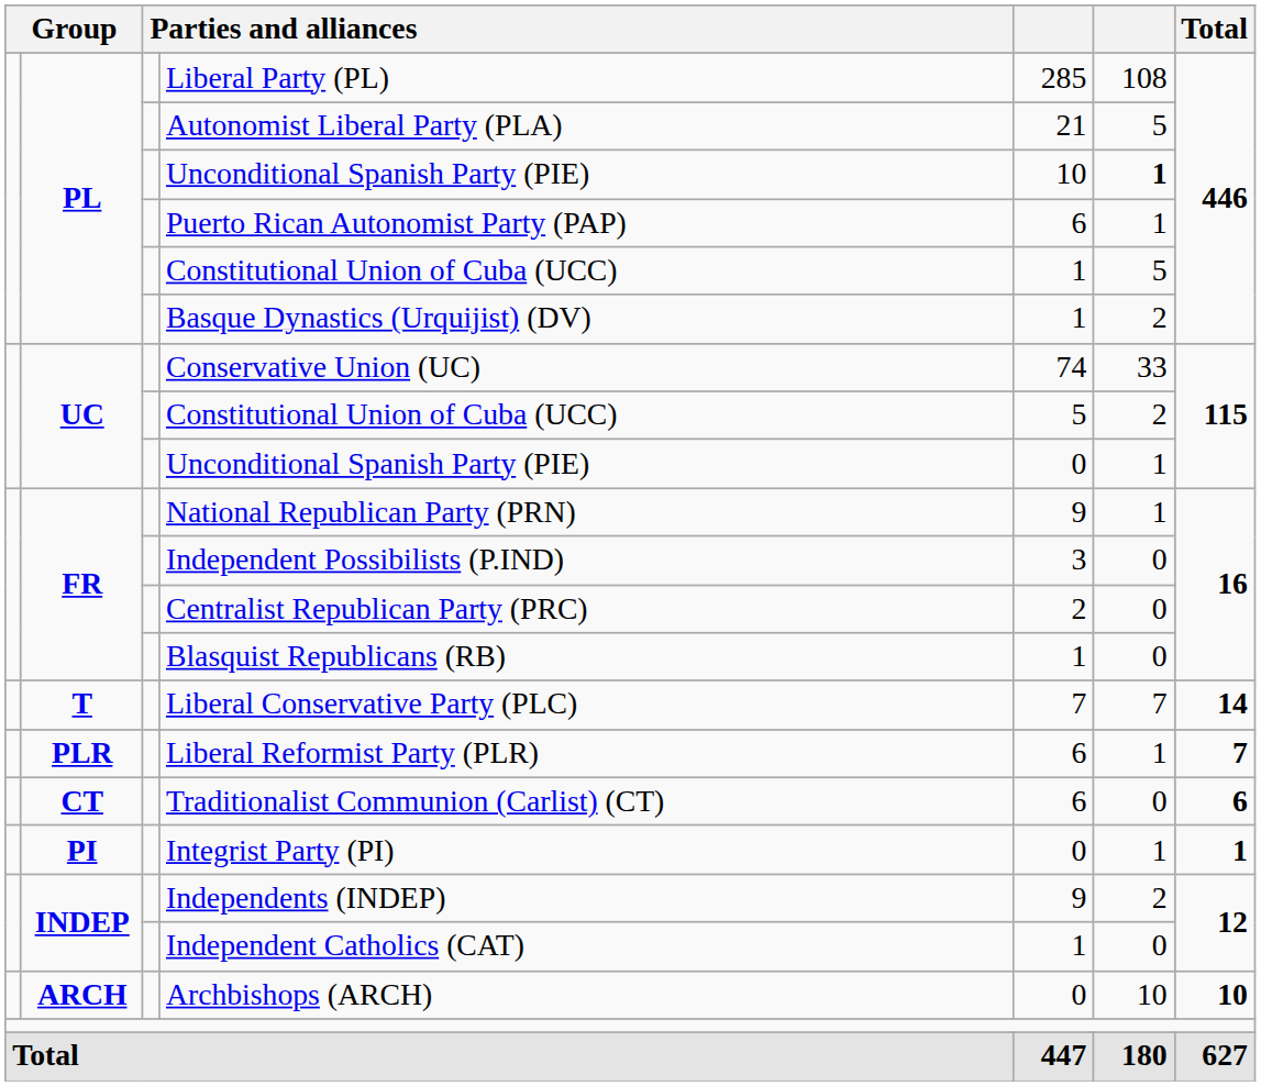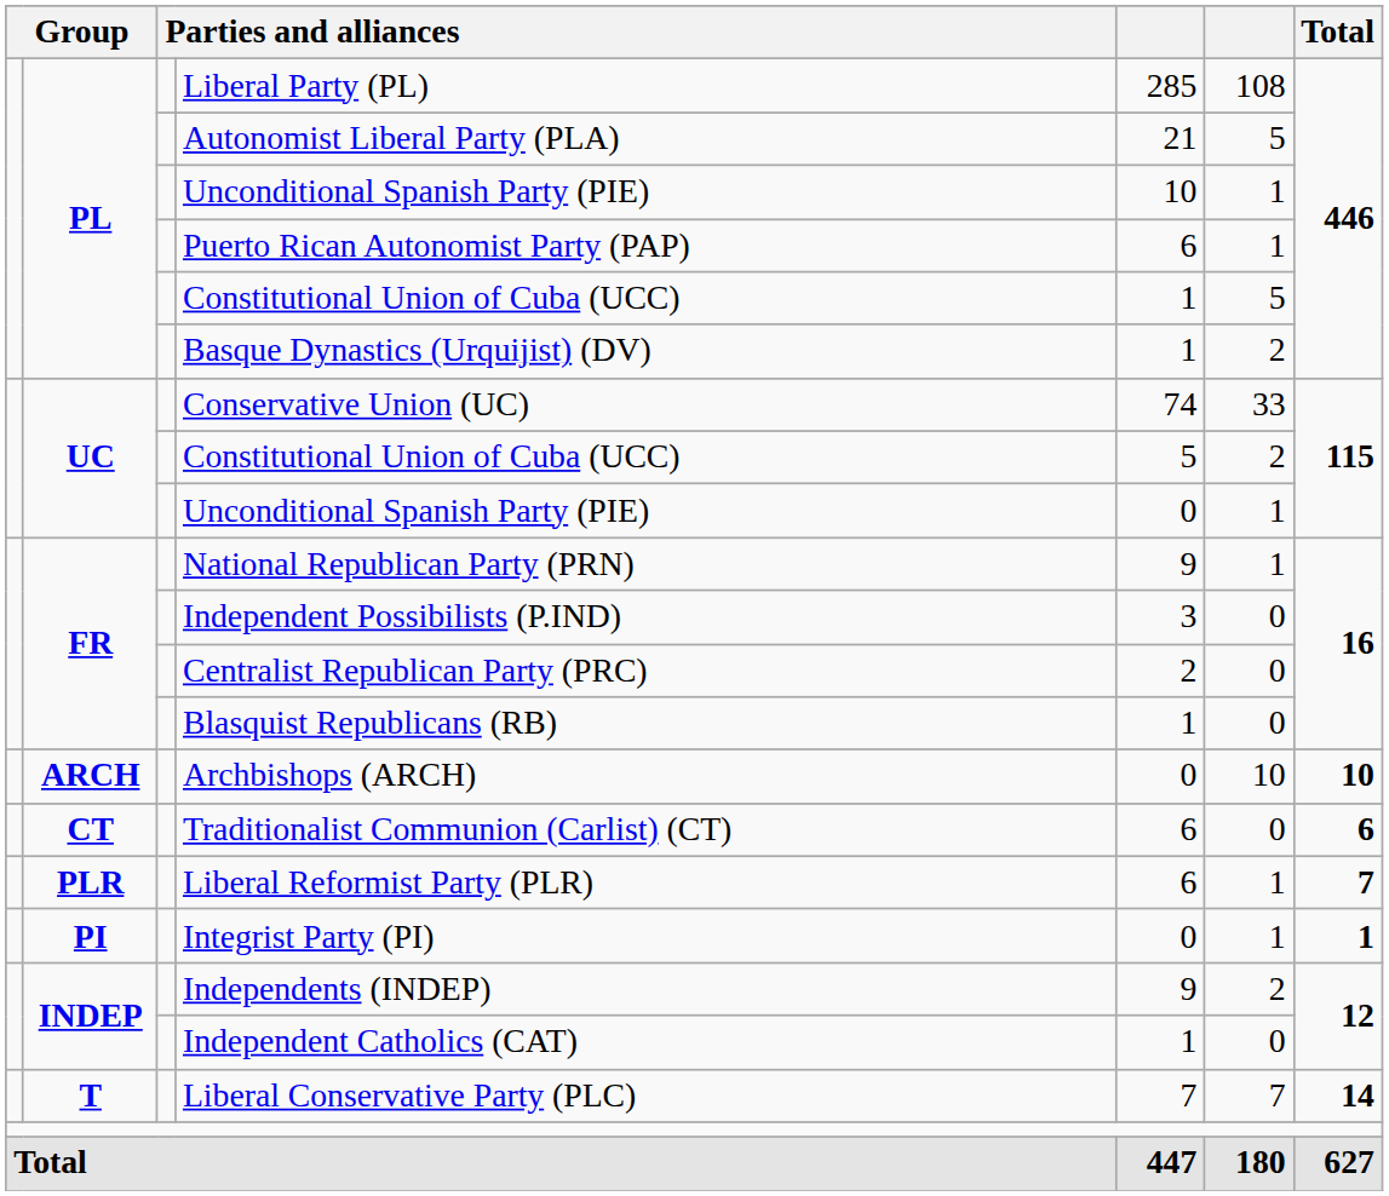 <table class="wikitable" style="text-align:right;">
 <tr>
 <th colspan="2" width="65">Group</th>
 <th style="text-align:left;" colspan="2" width="450">Parties and alliances</th>
 <th width="35"></th>
 <th width="35"></th>
 <th width="35">Total</th>
 </tr>
 <tr>
 <td rowspan="6" width="1"></td>
 <td rowspan="6" align="center"><strong><a href='#'>PL</a></strong></td>
 <td width="1" style="color:inherit;background:"></td>
 <td align="left"><a href='#'>Liberal Party</a> (PL)</td>
 <td>285</td>
 <td>108</td>
 <td rowspan="6"><strong>446</strong></td>
 </tr>
 <tr>
 <td style="color:inherit;background:"></td>
 <td align="left"><a href='#'>Autonomist Liberal Party</a> (PLA)</td>
 <td>21</td>
 <td>5</td>
 </tr>
 <tr>
 <td style="color:inherit;background:"></td>
 <td align="left"><a href='#'>Unconditional Spanish Party</a> (PIE)</td>
 <td>10</td>
-<td><strong>1</strong></td>
+<td>1</td>
 </tr>
 <tr>
 <td style="color:inherit;background:"></td>
 <td align="left"><a href='#'>Puerto Rican Autonomist Party</a> (PAP)</td>
 <td>6</td>
 <td>1</td>
 </tr>
 <tr>
 <td style="color:inherit;background:"></td>
 <td align="left"><a href='#'>Constitutional Union of Cuba</a> (UCC)</td>
 <td>1</td>
 <td>5</td>
 </tr>
 <tr>
 <td style="color:inherit;background:"></td>
 <td align="left"><a href='#'>Basque Dynastics (Urquijist)</a> (DV)</td>
 <td>1</td>
 <td>2</td>
 </tr>
 <tr>
 <td rowspan="3" style="color:inherit;background:"></td>
 <td rowspan="3" align="center"><strong><a href='#'>UC</a></strong></td>
 <td style="color:inherit;background:"></td>
 <td align="left"><a href='#'>Conservative Union</a> (UC)</td>
 <td>74</td>
 <td>33</td>
 <td rowspan="3"><strong>115</strong></td>
 </tr>
 <tr>
 <td style="color:inherit;background:"></td>
 <td align="left"><a href='#'>Constitutional Union of Cuba</a> (UCC)</td>
 <td>5</td>
 <td>2</td>
 </tr>
 <tr>
 <td style="color:inherit;background:"></td>
 <td align="left"><a href='#'>Unconditional Spanish Party</a> (PIE)</td>
 <td>0</td>
 <td>1</td>
 </tr>
 <tr>
 <td rowspan="4" style="color:inherit;background:"></td>
 <td rowspan="4" align="center"><strong><a href='#'>FR</a></strong></td>
 <td style="color:inherit;background:"></td>
 <td align="left"><a href='#'>National Republican Party</a> (PRN)</td>
 <td>9</td>
 <td>1</td>
 <td rowspan="4"><strong>16</strong></td>
 </tr>
 <tr>
 <td style="color:inherit;background:"></td>
 <td align="left"><a href='#'>Independent Possibilists</a> (P.IND)</td>
 <td>3</td>
 <td>0</td>
 </tr>
 <tr>
 <td style="color:inherit;background:"></td>
 <td align="left"><a href='#'>Centralist Republican Party</a> (PRC)</td>
 <td>2</td>
 <td>0</td>
 </tr>
 <tr>
 <td style="color:inherit;background:"></td>
 <td align="left"><a href='#'>Blasquist Republicans</a> (RB)</td>
 <td>1</td>
 <td>0</td>
 </tr>
 <tr>
 <td style="color:inherit;background:"></td>
-<td align="center"><strong><a href='#'>T</a></strong></td>
+<td align="center"><strong><a href='#'>ARCH</a></strong></td>
 <td style="color:inherit;background:"></td>
-<td align="left"><a href='#'>Liberal Conservative Party</a> (PLC)</td>
-<td>7</td>
-<td>7</td>
-<td><strong>14</strong></td>
+<td align="left"><a href='#'>Archbishops</a> (ARCH)</td>
+<td>0</td>
+<td>10</td>
+<td><strong>10</strong></td>
+</tr>
+<tr>
+<td style="color:inherit;background:"></td>
+<td align="center"><strong><a href='#'>CT</a></strong></td>
+<td style="color:inherit;background:"></td>
+<td align="left"><a href='#'>Traditionalist Communion (Carlist)</a> (CT)</td>
+<td>6</td>
+<td>0</td>
+<td><strong>6</strong></td>
 </tr>
 <tr>
 <td style="color:inherit;background:"></td>
 <td align="center"><strong><a href='#'>PLR</a></strong></td>
 <td style="color:inherit;background:"></td>
 <td align="left"><a href='#'>Liberal Reformist Party</a> (PLR)</td>
 <td>6</td>
 <td>1</td>
 <td><strong>7</strong></td>
-</tr>
-<tr>
-<td style="color:inherit;background:"></td>
-<td align="center"><strong><a href='#'>CT</a></strong></td>
-<td style="color:inherit;background:"></td>
-<td align="left"><a href='#'>Traditionalist Communion (Carlist)</a> (CT)</td>
-<td>6</td>
-<td>0</td>
-<td><strong>6</strong></td>
 </tr>
 <tr>
 <td style="color:inherit;background:"></td>
 <td align="center"><strong><a href='#'>PI</a></strong></td>
 <td style="color:inherit;background:"></td>
 <td align="left"><a href='#'>Integrist Party</a> (PI)</td>
 <td>0</td>
 <td>1</td>
 <td><strong>1</strong></td>
 </tr>
 <tr>
 <td rowspan="2" style="color:inherit;background:"></td>
 <td rowspan="2" align="center"><strong><a href='#'>INDEP</a></strong></td>
 <td style="color:inherit;background:"></td>
 <td align="left"><a href='#'>Independents</a> (INDEP)</td>
 <td>9</td>
 <td>2</td>
 <td rowspan="2"><strong>12</strong></td>
 </tr>
 <tr>
 <td style="color:inherit;background:"></td>
 <td align="left"><a href='#'>Independent Catholics</a> (CAT)</td>
 <td>1</td>
 <td>0</td>
 </tr>
 <tr>
 <td style="color:inherit;background:"></td>
-<td align="center"><strong><a href='#'>ARCH</a></strong></td>
+<td align="center"><strong><a href='#'>T</a></strong></td>
 <td style="color:inherit;background:"></td>
-<td align="left"><a href='#'>Archbishops</a> (ARCH)</td>
-<td>0</td>
-<td>10</td>
-<td><strong>10</strong></td>
+<td align="left"><a href='#'>Liberal Conservative Party</a> (PLC)</td>
+<td>7</td>
+<td>7</td>
+<td><strong>14</strong></td>
 </tr>
 <tr>
 <td colspan="7"></td>
 </tr>
 <tr style="background:#E4E4E4; font-weight:bold;">
 <td align="left" colspan="4">Total</td>
 <td>447</td>
 <td>180</td>
 <td>627</td>
 </tr>
 </table>
